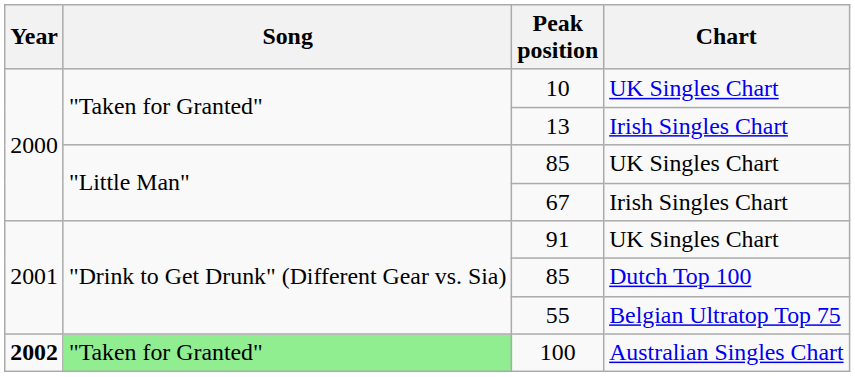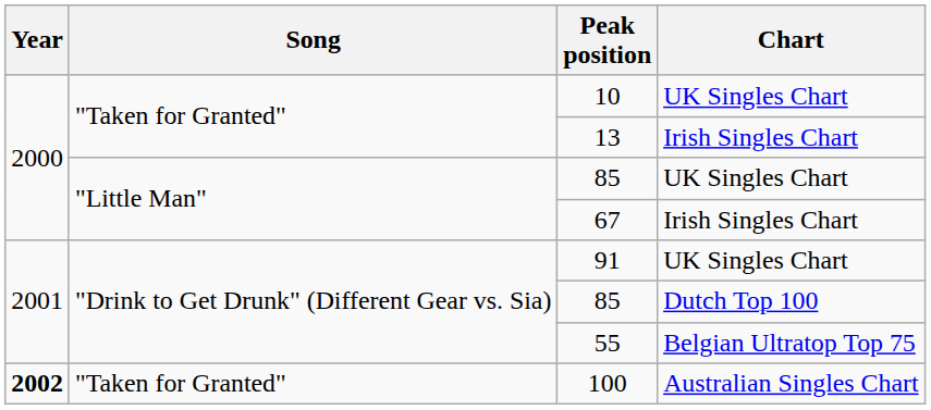 <table class="wikitable">
 <tr>
 <th>Year</th>
 <th>Song</th>
 <th>Peak<br> position</th>
 <th>Chart</th>
 </tr>
 <tr>
 <td rowspan="4">2000</td>
 <td rowspan="2">"Taken for Granted"</td>
 <td align="center">10</td>
 <td><a href='#'>UK Singles Chart</a></td>
 </tr>
 <tr>
 <td align="center">13</td>
 <td><a href='#'>Irish Singles Chart</a></td>
 </tr>
 <tr>
 <td rowspan="2">"Little Man"</td>
 <td align="center">85</td>
 <td>UK Singles Chart</td>
 </tr>
 <tr>
 <td align="center">67</td>
 <td>Irish Singles Chart</td>
 </tr>
 <tr>
 <td rowspan="3">2001</td>
 <td rowspan="3">"Drink to Get Drunk" (Different Gear vs. Sia)</td>
 <td align="center">91</td>
 <td>UK Singles Chart</td>
 </tr>
 <tr>
 <td align="center">85</td>
 <td><a href='#'>Dutch Top 100</a></td>
 </tr>
 <tr>
 <td align="center">55</td>
 <td><a href='#'>Belgian Ultratop Top 75</a></td>
 </tr>
 <tr>
 <td><strong>2002</strong></td>
-<td style="background: lightgreen;">"Taken for Granted"</td>
+<td>"Taken for Granted"</td>
 <td align="center">100</td>
 <td><a href='#'>Australian Singles Chart</a></td>
 </tr>
 </table>
